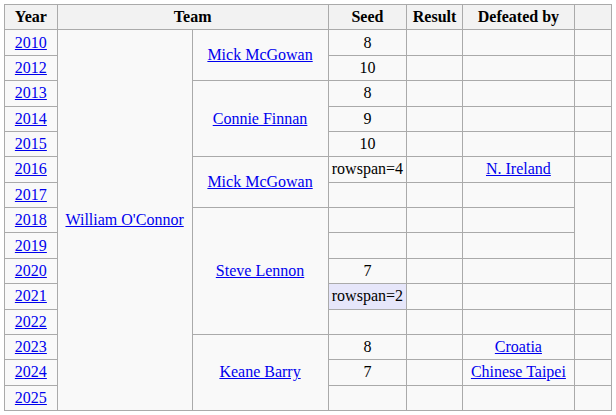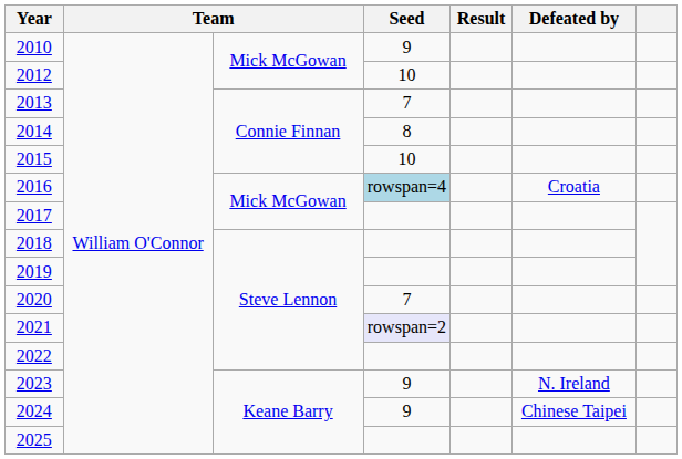 <table class="wikitable" style="text-align: center;">
 <tr style= "background: #e2e2e2;">
 </tr>
 <tr style="background: #efefef;">
 <th width=50px>Year</th>
 <th colspan="2">Team</th>
 <th width=50px>Seed</th>
 <th width=50px>Result</th>
 <th width=120px>Defeated by</th>
 <th width=40px></th>
 </tr>
 <tr>
 <td><a href='#'>2010</a></td>
 <td rowspan=15 width=150px><a href='#'>William O'Connor</a></td>
 <td rowspan=2 width=150px><a href='#'>Mick McGowan</a></td>
-<td>8</td>
+<td>9</td>
 <td></td>
 <td> </td>
 <td></td>
 </tr>
 <tr>
 <td><a href='#'>2012</a></td>
 <td>10</td>
 <td></td>
 <td> </td>
 <td></td>
 </tr>
 <tr>
 <td><a href='#'>2013</a></td>
 <td rowspan=3><a href='#'>Connie Finnan</a></td>
-<td>8</td>
+<td>7</td>
 <td></td>
 <td> </td>
 <td></td>
 </tr>
 <tr>
 <td><a href='#'>2014</a></td>
-<td>9</td>
+<td>8</td>
 <td></td>
 <td> </td>
 <td></td>
 </tr>
 <tr>
 <td><a href='#'>2015</a></td>
 <td>10</td>
 <td></td>
 <td> </td>
 <td></td>
 </tr>
 <tr>
 <td><a href='#'>2016</a></td>
 <td rowspan=2><a href='#'>Mick McGowan</a></td>
-<td>rowspan=4 </td>
+<td style="background: lightblue;">rowspan=4 </td>
 <td></td>
-<td> <a href='#'>N. Ireland</a></td>
+<td> <a href='#'>Croatia</a></td>
 <td></td>
 </tr>
 <tr>
 <td><a href='#'>2017</a></td>
 <td></td>
 <td> </td>
 <td></td>
 </tr>
 <tr>
 <td><a href='#'>2018</a></td>
 <td rowspan=5><a href='#'>Steve Lennon</a></td>
 <td></td>
 <td> </td>
 <td></td>
 </tr>
 <tr>
 <td><a href='#'>2019</a></td>
 <td></td>
 <td> </td>
 <td></td>
 </tr>
 <tr>
 <td><a href='#'>2020</a></td>
 <td>7</td>
 <td></td>
 <td> </td>
 <td></td>
 </tr>
 <tr>
 <td><a href='#'>2021</a></td>
 <td style="background: lavender;">rowspan=2 </td>
 <td></td>
 <td> </td>
 <td></td>
 </tr>
 <tr>
 <td><a href='#'>2022</a></td>
 <td></td>
 <td> </td>
 <td></td>
 </tr>
 <tr>
 <td><a href='#'>2023</a></td>
 <td rowspan=3><a href='#'>Keane Barry</a></td>
-<td>8</td>
+<td>9</td>
 <td></td>
-<td> <a href='#'>Croatia</a></td>
+<td> <a href='#'>N. Ireland</a></td>
 <td></td>
 </tr>
 <tr>
 <td><a href='#'>2024</a></td>
-<td>7</td>
+<td>9</td>
 <td></td>
 <td> <a href='#'>Chinese Taipei</a></td>
 <td></td>
 </tr>
 <tr>
 <td><a href='#'>2025</a></td>
 <td></td>
 <td></td>
 <td></td>
 <td></td>
 </tr>
 </table>
